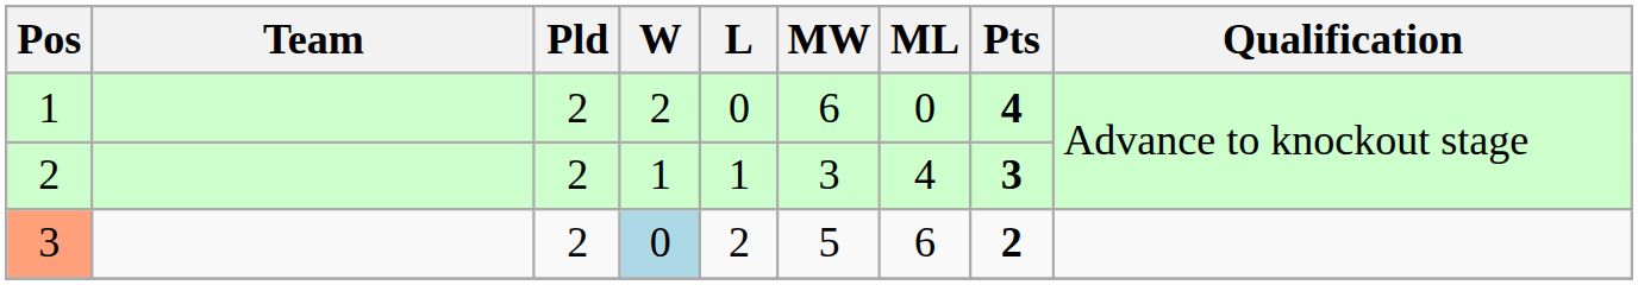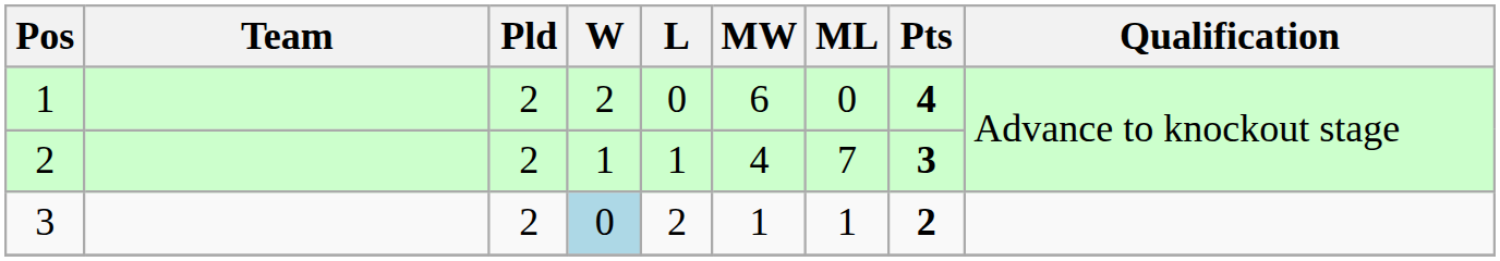 <table class="wikitable" style="text-align:center">
 <tr>
 <th width=25>Pos</th>
 <th width=200>Team</th>
 <th width=25>Pld</th>
 <th width=25>W</th>
 <th width=25>L</th>
 <th width=25>MW</th>
 <th width=25>ML</th>
 <th width=25>Pts</th>
 <th width=250>Qualification</th>
 </tr>
 <tr bgcolor=ccffcc>
 <td>1</td>
 <td style="text-align:left;"></td>
 <td>2</td>
 <td>2</td>
 <td>0</td>
 <td>6</td>
 <td>0</td>
 <td><strong>4</strong></td>
 <td rowspan=2 style="text-align:left;">Advance to knockout stage</td>
 </tr>
 <tr bgcolor=ccffcc>
 <td>2</td>
 <td style="text-align:left;"></td>
 <td>2</td>
 <td>1</td>
 <td>1</td>
-<td>3</td>
 <td>4</td>
+<td>7</td>
 <td><strong>3</strong></td>
 </tr>
 <tr>
-<td style="background: lightsalmon;">3</td>
+<td>3</td>
 <td style="text-align:left;"></td>
 <td>2</td>
 <td style="background: lightblue;">0</td>
 <td>2</td>
-<td>5</td>
-<td>6</td>
+<td>1</td>
+<td>1</td>
 <td><strong>2</strong></td>
 <td></td>
 </tr>
 <tr>
 </tr>
 </table>
